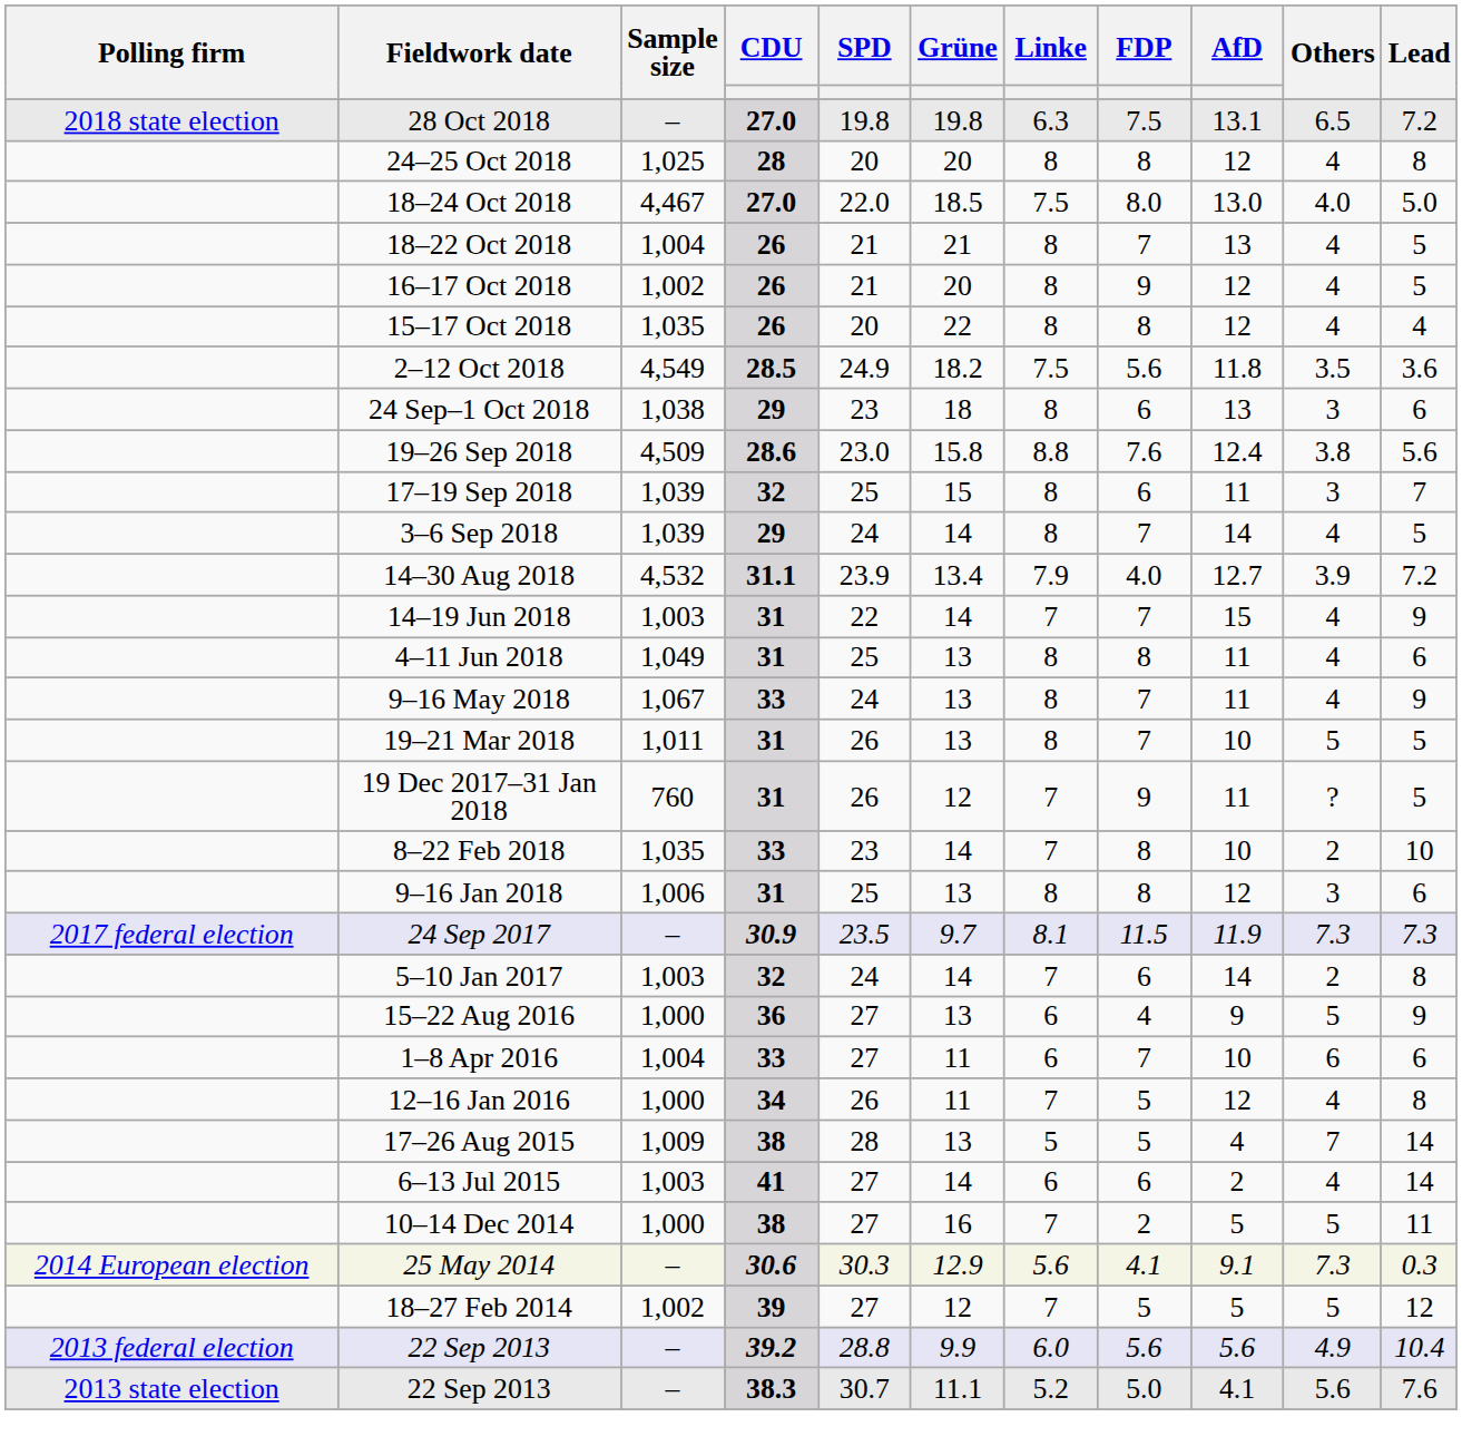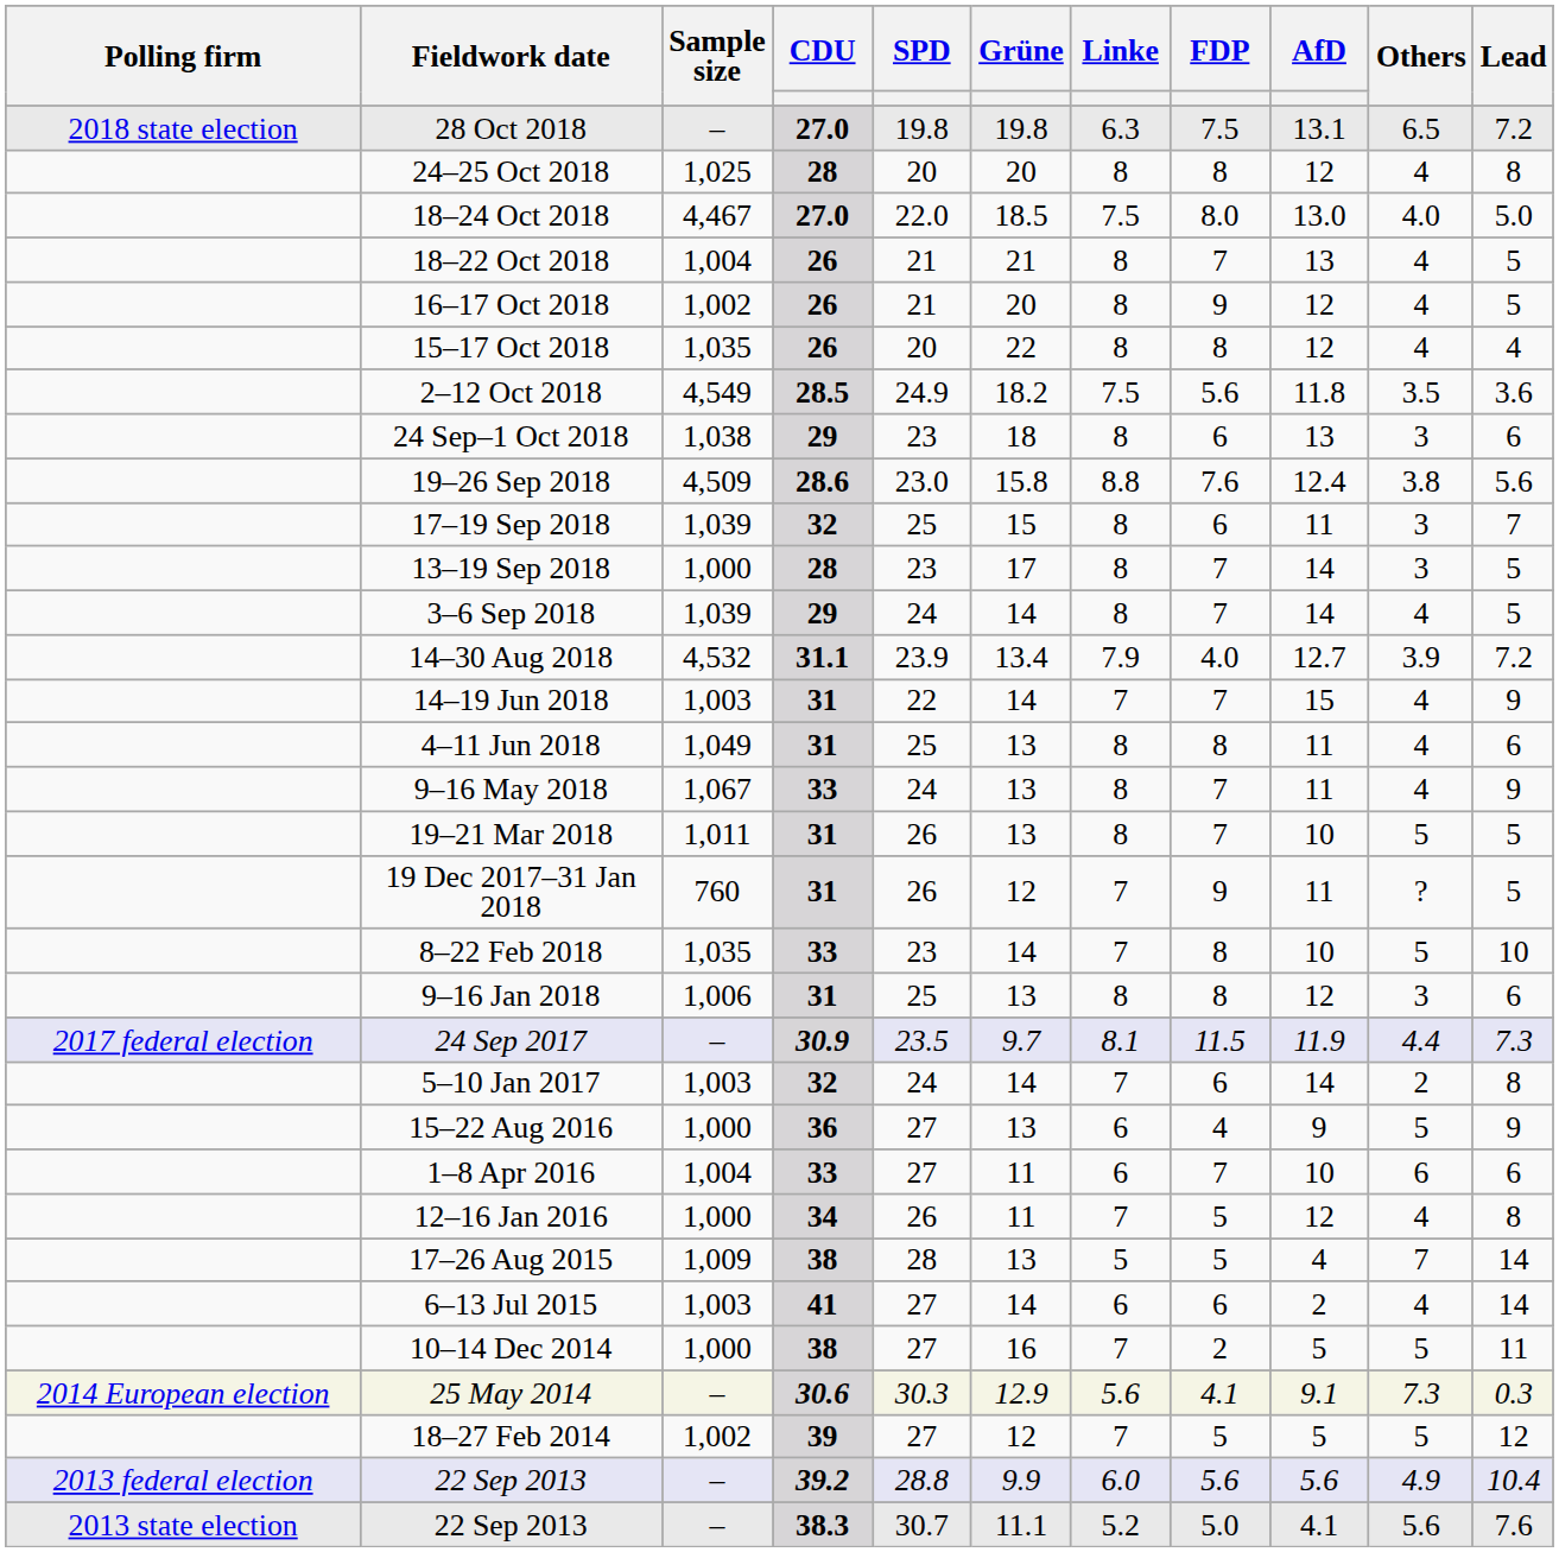 <table class="wikitable sortable" style="text-align:center;font-size:90%;line-height:14px;">
 <tr style="height:40px;">
 <th style="width:160px;" rowspan="2">Polling firm</th>
 <th style="width:135px;" rowspan="2">Fieldwork date</th>
 <th style="width:35px;" rowspan="2">Sample<br>size</th>
 <th class="unsortable" style="width:40px;"><a href='#'>CDU</a></th>
 <th class="unsortable" style="width:40px;"><a href='#'>SPD</a></th>
 <th class="unsortable" style="width:40px;"><a href='#'>Grüne</a></th>
 <th class="unsortable" style="width:40px;"><a href='#'>Linke</a></th>
 <th class="unsortable" style="width:40px;"><a href='#'>FDP</a></th>
 <th class="unsortable" style="width:40px;"><a href='#'>AfD</a></th>
 <th class="unsortable" style="width:40px;" rowspan="2">Others</th>
 <th style="width:30px;" rowspan="2">Lead</th>
 </tr>
 <tr>
 <th style="background:"></th>
 <th style="background:"></th>
 <th style="background:"></th>
 <th style="background:"></th>
 <th style="background:"></th>
 <th style="background:"></th>
 </tr>
 <tr style="background:#E9E9E9;">
 <td><a href='#'>2018 state election</a></td>
 <td data-sort-value="2018-10-28">28 Oct 2018</td>
 <td>–</td>
 <td style="background:#D7D5D7;"><strong>27.0</strong></td>
 <td>19.8</td>
 <td>19.8</td>
 <td>6.3</td>
 <td>7.5</td>
 <td>13.1</td>
 <td>6.5</td>
 <td style="background:">7.2</td>
 </tr>
 <tr>
 <td></td>
 <td data-sort-value="2018-10-25">24–25 Oct 2018</td>
 <td>1,025</td>
 <td style="background:#D7D5D7;"><strong>28</strong></td>
 <td>20</td>
 <td>20</td>
 <td>8</td>
 <td>8</td>
 <td>12</td>
 <td>4</td>
 <td style="background:">8</td>
 </tr>
 <tr>
 <td></td>
 <td data-sort-value="2018-10-24">18–24 Oct 2018</td>
 <td>4,467</td>
 <td style="background:#D7D5D7;"><strong>27.0</strong></td>
 <td>22.0</td>
 <td>18.5</td>
 <td>7.5</td>
 <td>8.0</td>
 <td>13.0</td>
 <td>4.0</td>
 <td style="background:">5.0</td>
 </tr>
 <tr>
 <td></td>
 <td data-sort-value="2018-10-22">18–22 Oct 2018</td>
 <td>1,004</td>
 <td style="background:#D7D5D7;"><strong>26</strong></td>
 <td>21</td>
 <td>21</td>
 <td>8</td>
 <td>7</td>
 <td>13</td>
 <td>4</td>
 <td style="background:">5</td>
 </tr>
 <tr>
 <td></td>
 <td data-sort-value="2018-10-17">16–17 Oct 2018</td>
 <td>1,002</td>
 <td style="background:#D7D5D7;"><strong>26</strong></td>
 <td>21</td>
 <td>20</td>
 <td>8</td>
 <td>9</td>
 <td>12</td>
 <td>4</td>
 <td style="background:">5</td>
 </tr>
 <tr>
 <td></td>
 <td data-sort-value="2018-10-17">15–17 Oct 2018</td>
 <td>1,035</td>
 <td style="background:#D7D5D7;"><strong>26</strong></td>
 <td>20</td>
 <td>22</td>
 <td>8</td>
 <td>8</td>
 <td>12</td>
 <td>4</td>
 <td style="background:">4</td>
 </tr>
 <tr>
 <td></td>
 <td data-sort-value="2018-10-12">2–12 Oct 2018</td>
 <td>4,549</td>
 <td style="background:#D7D5D7;"><strong>28.5</strong></td>
 <td>24.9</td>
 <td>18.2</td>
 <td>7.5</td>
 <td>5.6</td>
 <td>11.8</td>
 <td>3.5</td>
 <td style="background:">3.6</td>
 </tr>
 <tr>
 <td></td>
 <td data-sort-value="2018-10-01">24 Sep–1 Oct 2018</td>
 <td>1,038</td>
 <td style="background:#D7D5D7;"><strong>29</strong></td>
 <td>23</td>
 <td>18</td>
 <td>8</td>
 <td>6</td>
 <td>13</td>
 <td>3</td>
 <td style="background:">6</td>
 </tr>
 <tr>
 <td></td>
 <td data-sort-value="2018-09-26">19–26 Sep 2018</td>
 <td>4,509</td>
 <td style="background:#D7D5D7;"><strong>28.6</strong></td>
 <td>23.0</td>
 <td>15.8</td>
 <td>8.8</td>
 <td>7.6</td>
 <td>12.4</td>
 <td>3.8</td>
 <td style="background:">5.6</td>
 </tr>
 <tr>
 <td></td>
 <td data-sort-value="2018-09-19">17–19 Sep 2018</td>
 <td>1,039</td>
 <td style="background:#D7D5D7;"><strong>32</strong></td>
 <td>25</td>
 <td>15</td>
 <td>8</td>
 <td>6</td>
 <td>11</td>
 <td>3</td>
 <td style="background:">7</td>
 </tr>
 <tr>
 <td></td>
+<td data-sort-value="2018-09-19">13–19 Sep 2018</td>
+<td>1,000</td>
+<td style="background:#D7D5D7;"><strong>28</strong></td>
+<td>23</td>
+<td>17</td>
+<td>8</td>
+<td>7</td>
+<td>14</td>
+<td>3</td>
+<td style="background:">5</td>
+</tr>
+<tr>
+<td></td>
 <td data-sort-value="2018-09-06">3–6 Sep 2018</td>
 <td>1,039</td>
 <td style="background:#D7D5D7;"><strong>29</strong></td>
 <td>24</td>
 <td>14</td>
 <td>8</td>
 <td>7</td>
 <td>14</td>
 <td>4</td>
 <td style="background:">5</td>
 </tr>
 <tr>
 <td></td>
 <td data-sort-value="2018-08-30">14–30 Aug 2018</td>
 <td>4,532</td>
 <td style="background:#D7D5D7;"><strong>31.1</strong></td>
 <td>23.9</td>
 <td>13.4</td>
 <td>7.9</td>
 <td>4.0</td>
 <td>12.7</td>
 <td>3.9</td>
 <td style="background:">7.2</td>
 </tr>
 <tr>
 <td></td>
 <td data-sort-value="2018-06-19">14–19 Jun 2018</td>
 <td>1,003</td>
 <td style="background:#D7D5D7;"><strong>31</strong></td>
 <td>22</td>
 <td>14</td>
 <td>7</td>
 <td>7</td>
 <td>15</td>
 <td>4</td>
 <td style="background:">9</td>
 </tr>
 <tr>
 <td></td>
 <td data-sort-value="2018-06-11">4–11 Jun 2018</td>
 <td>1,049</td>
 <td style="background:#D7D5D7;"><strong>31</strong></td>
 <td>25</td>
 <td>13</td>
 <td>8</td>
 <td>8</td>
 <td>11</td>
 <td>4</td>
 <td style="background:">6</td>
 </tr>
 <tr>
 <td></td>
 <td data-sort-value="2018-05-16">9–16 May 2018</td>
 <td>1,067</td>
 <td style="background:#D7D5D7;"><strong>33</strong></td>
 <td>24</td>
 <td>13</td>
 <td>8</td>
 <td>7</td>
 <td>11</td>
 <td>4</td>
 <td style="background:">9</td>
 </tr>
 <tr>
 <td></td>
 <td data-sort-value="2018-03-21">19–21 Mar 2018</td>
 <td>1,011</td>
 <td style="background:#D7D5D7;"><strong>31</strong></td>
 <td>26</td>
 <td>13</td>
 <td>8</td>
 <td>7</td>
 <td>10</td>
 <td>5</td>
 <td style="background:">5</td>
 </tr>
 <tr>
 <td></td>
 <td data-sort-value="2018-01-31">19 Dec 2017–31 Jan 2018</td>
 <td>760</td>
 <td style="background:#D7D5D7;"><strong>31</strong></td>
 <td>26</td>
 <td>12</td>
 <td>7</td>
 <td>9</td>
 <td>11</td>
 <td>?</td>
 <td style="background:">5</td>
 </tr>
 <tr>
 <td></td>
 <td data-sort-value="2018-02-22">8–22 Feb 2018</td>
 <td>1,035</td>
 <td style="background:#D7D5D7;"><strong>33</strong></td>
 <td>23</td>
 <td>14</td>
 <td>7</td>
 <td>8</td>
 <td>10</td>
-<td>2</td>
+<td>5</td>
 <td style="background:">10</td>
 </tr>
 <tr>
 <td></td>
 <td data-sort-value="2018-01-16">9–16 Jan 2018</td>
 <td>1,006</td>
 <td style="background:#D7D5D7;"><strong>31</strong></td>
 <td>25</td>
 <td>13</td>
 <td>8</td>
 <td>8</td>
 <td>12</td>
 <td>3</td>
 <td style="background:">6</td>
 </tr>
 <tr style="background:#E5E5F5;font-style:italic;">
 <td><a href='#'>2017 federal election</a></td>
 <td data-sort-value="2017-09-24">24 Sep 2017</td>
 <td>–</td>
 <td style="background:#D7D5D7;"><strong>30.9</strong></td>
 <td>23.5</td>
 <td>9.7</td>
 <td>8.1</td>
 <td>11.5</td>
 <td>11.9</td>
-<td>7.3</td>
+<td>4.4</td>
 <td style="background:">7.3</td>
 </tr>
 <tr>
 <td></td>
 <td data-sort-value="2017-01-10">5–10 Jan 2017</td>
 <td>1,003</td>
 <td style="background:#D7D5D7;"><strong>32</strong></td>
 <td>24</td>
 <td>14</td>
 <td>7</td>
 <td>6</td>
 <td>14</td>
 <td>2</td>
 <td style="background:">8</td>
 </tr>
 <tr>
 <td></td>
 <td data-sort-value="2016-08-22">15–22 Aug 2016</td>
 <td>1,000</td>
 <td style="background:#D7D5D7;"><strong>36</strong></td>
 <td>27</td>
 <td>13</td>
 <td>6</td>
 <td>4</td>
 <td>9</td>
 <td>5</td>
 <td style="background:">9</td>
 </tr>
 <tr>
 <td></td>
 <td data-sort-value="2016-04-08">1–8 Apr 2016</td>
 <td>1,004</td>
 <td style="background:#D7D5D7;"><strong>33</strong></td>
 <td>27</td>
 <td>11</td>
 <td>6</td>
 <td>7</td>
 <td>10</td>
 <td>6</td>
 <td style="background:">6</td>
 </tr>
 <tr>
 <td></td>
 <td data-sort-value="2016-01-16">12–16 Jan 2016</td>
 <td>1,000</td>
 <td style="background:#D7D5D7;"><strong>34</strong></td>
 <td>26</td>
 <td>11</td>
 <td>7</td>
 <td>5</td>
 <td>12</td>
 <td>4</td>
 <td style="background:">8</td>
 </tr>
 <tr>
 <td></td>
 <td data-sort-value="2015-08-26">17–26 Aug 2015</td>
 <td>1,009</td>
 <td style="background:#D7D5D7;"><strong>38</strong></td>
 <td>28</td>
 <td>13</td>
 <td>5</td>
 <td>5</td>
 <td>4</td>
 <td>7</td>
 <td style="background:">14</td>
 </tr>
 <tr>
 <td></td>
 <td data-sort-value="2015-07-13">6–13 Jul 2015</td>
 <td>1,003</td>
 <td style="background:#D7D5D7;"><strong>41</strong></td>
 <td>27</td>
 <td>14</td>
 <td>6</td>
 <td>6</td>
 <td>2</td>
 <td>4</td>
 <td style="background:">14</td>
 </tr>
 <tr>
 <td></td>
 <td data-sort-value="2014-12-14">10–14 Dec 2014</td>
 <td>1,000</td>
 <td style="background:#D7D5D7;"><strong>38</strong></td>
 <td>27</td>
 <td>16</td>
 <td>7</td>
 <td>2</td>
 <td>5</td>
 <td>5</td>
 <td style="background:">11</td>
 </tr>
 <tr style="background:#F5F5E5;font-style:italic;">
 <td><a href='#'>2014 European election</a></td>
 <td data-sort-value="2014-05-25">25 May 2014</td>
 <td>–</td>
 <td style="background:#D7D5D7;"><strong>30.6</strong></td>
 <td>30.3</td>
 <td>12.9</td>
 <td>5.6</td>
 <td>4.1</td>
 <td>9.1</td>
 <td>7.3</td>
 <td style="background:">0.3</td>
 </tr>
 <tr>
 <td></td>
 <td data-sort-value="2014-02-27">18–27 Feb 2014</td>
 <td>1,002</td>
 <td style="background:#D7D5D7;"><strong>39</strong></td>
 <td>27</td>
 <td>12</td>
 <td>7</td>
 <td>5</td>
 <td>5</td>
 <td>5</td>
 <td style="background:">12</td>
 </tr>
 <tr style="background:#E5E5F5;font-style:italic;">
 <td><a href='#'>2013 federal election</a></td>
 <td data-sort-value="2013-09-22">22 Sep 2013</td>
 <td>–</td>
 <td style="background:#D7D5D7;"><strong>39.2</strong></td>
 <td>28.8</td>
 <td>9.9</td>
 <td>6.0</td>
 <td>5.6</td>
 <td>5.6</td>
 <td>4.9</td>
 <td style="background:">10.4</td>
 </tr>
 <tr style="background:#E9E9E9;">
 <td><a href='#'>2013 state election</a></td>
 <td data-sort-value="2013-09-22">22 Sep 2013</td>
 <td>–</td>
 <td style="background:#D7D5D7;"><strong>38.3</strong></td>
 <td>30.7</td>
 <td>11.1</td>
 <td>5.2</td>
 <td>5.0</td>
 <td>4.1</td>
 <td>5.6</td>
 <td style="background:">7.6</td>
 </tr>
 </table>
